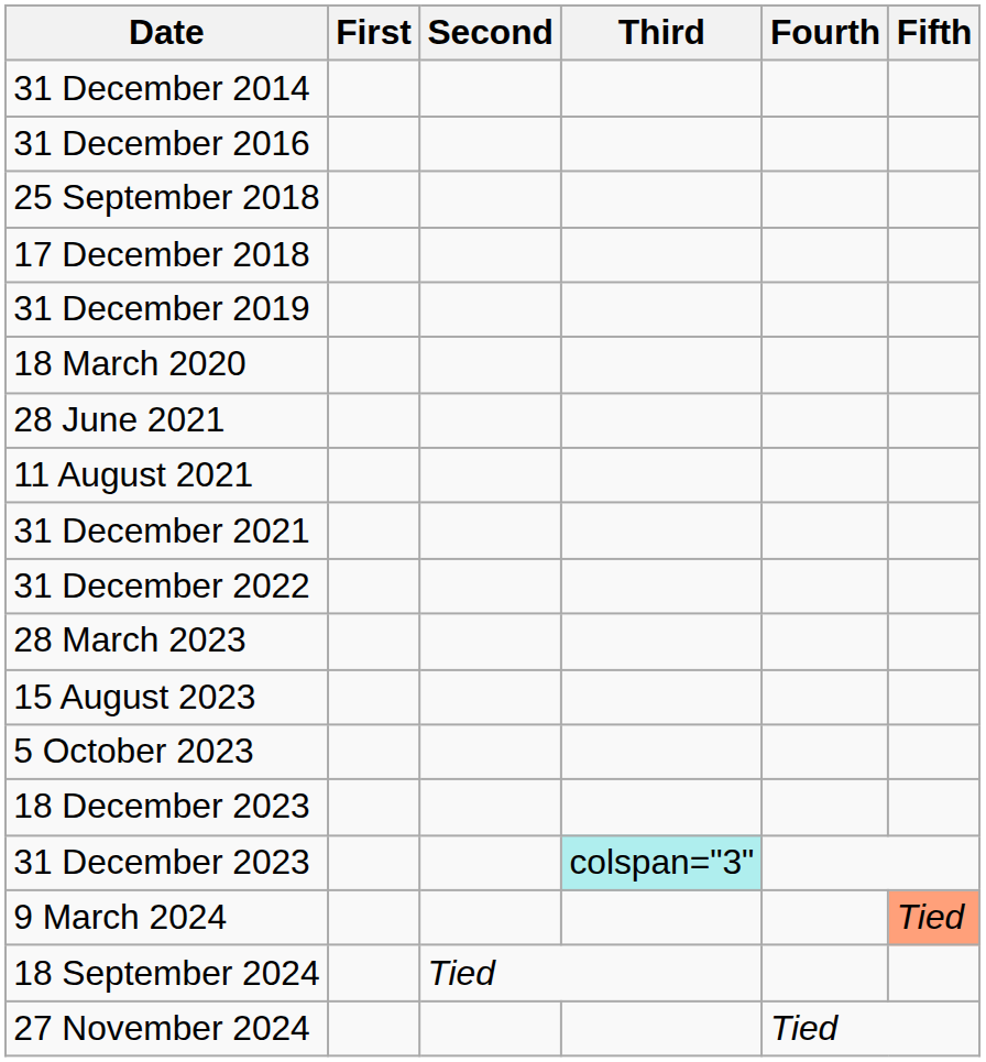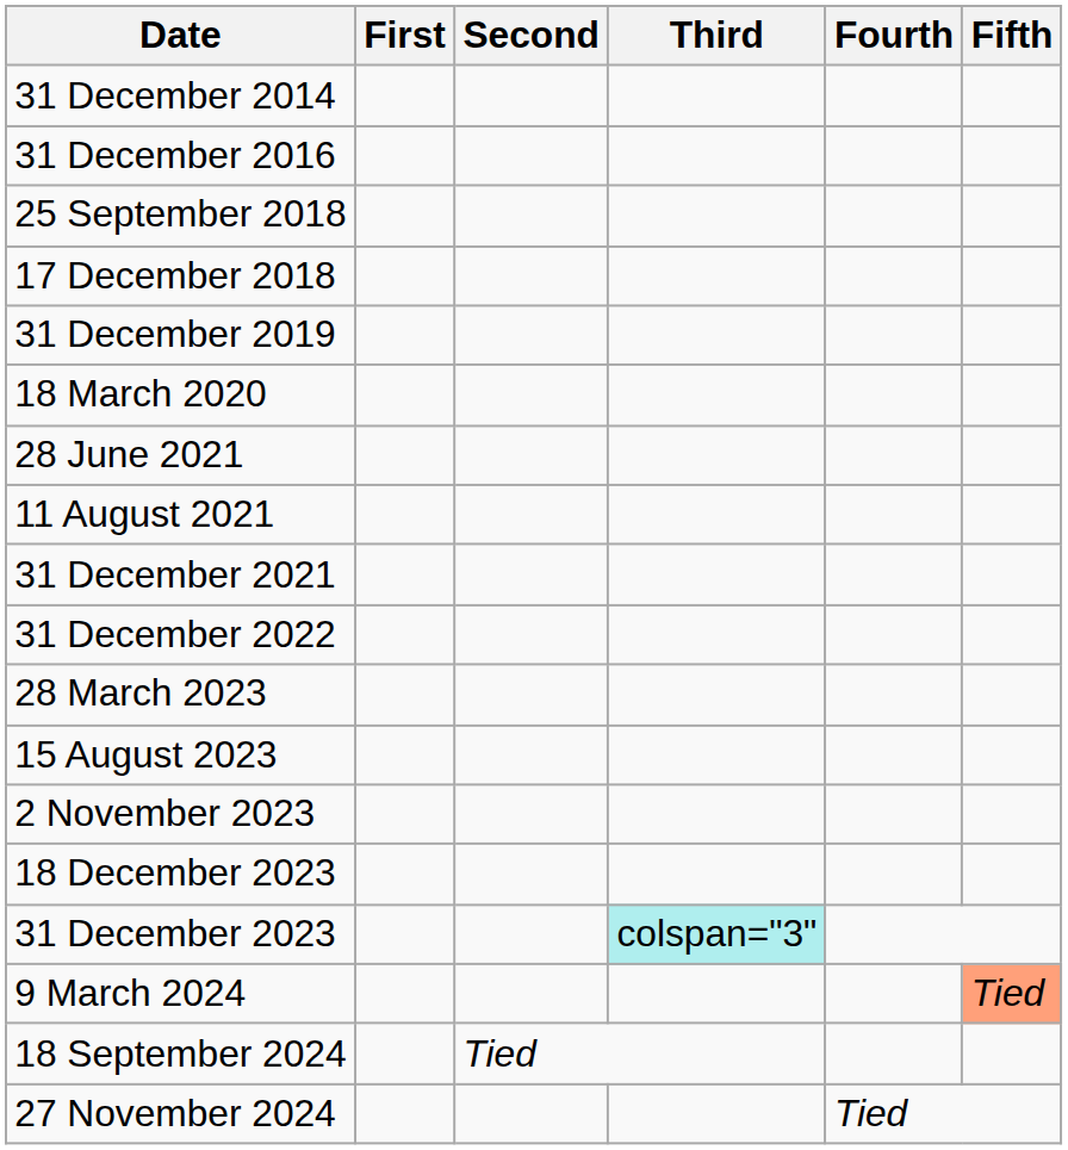 <table class="wikitable">
 <tr>
 <th>Date</th>
 <th>First</th>
 <th>Second</th>
 <th>Third</th>
 <th>Fourth</th>
 <th>Fifth</th>
 </tr>
 <tr>
 <td>31 December 2014</td>
 <td></td>
 <td></td>
 <td></td>
 <td></td>
 <td></td>
 </tr>
 <tr>
 <td>31 December 2016</td>
 <td></td>
 <td></td>
 <td></td>
 <td></td>
 <td></td>
 </tr>
 <tr>
 <td>25 September 2018</td>
 <td></td>
 <td></td>
 <td></td>
 <td></td>
 <td></td>
 </tr>
 <tr>
 <td>17 December 2018</td>
 <td></td>
 <td></td>
 <td></td>
 <td></td>
 <td></td>
 </tr>
 <tr>
 <td>31 December 2019</td>
 <td></td>
 <td></td>
 <td></td>
 <td></td>
 <td></td>
 </tr>
 <tr>
 <td>18 March 2020</td>
 <td></td>
 <td></td>
 <td></td>
 <td></td>
 <td></td>
 </tr>
 <tr>
 <td>28 June 2021</td>
 <td></td>
 <td></td>
 <td></td>
 <td></td>
 <td></td>
 </tr>
 <tr>
 <td>11 August 2021</td>
 <td></td>
 <td></td>
 <td></td>
 <td></td>
 <td></td>
 </tr>
 <tr>
 <td>31 December 2021</td>
 <td></td>
 <td></td>
 <td></td>
 <td></td>
 <td></td>
 </tr>
 <tr>
 <td>31 December 2022</td>
 <td></td>
 <td></td>
 <td></td>
 <td></td>
 <td></td>
 </tr>
 <tr>
 <td>28 March 2023</td>
 <td></td>
 <td></td>
 <td></td>
 <td></td>
 <td></td>
 </tr>
 <tr>
 <td>15 August 2023</td>
 <td></td>
 <td></td>
 <td></td>
 <td></td>
 <td></td>
 </tr>
 <tr>
-<td>5 October 2023</td>
+<td>2 November 2023</td>
 <td></td>
 <td></td>
 <td></td>
 <td></td>
 <td></td>
 </tr>
 <tr>
 <td>18 December 2023</td>
 <td></td>
 <td></td>
 <td></td>
 <td></td>
 <td></td>
 </tr>
 <tr>
 <td>31 December 2023</td>
 <td></td>
 <td></td>
 <td style="background: paleturquoise;">colspan="3" </td>
 </tr>
 <tr>
 <td>9 March 2024</td>
 <td></td>
 <td></td>
 <td></td>
 <td></td>
 <td style="background: lightsalmon;"><em>Tied</em></td>
 </tr>
 <tr>
 <td>18 September 2024</td>
 <td></td>
 <td colspan="2"><em>Tied</em></td>
 <td></td>
 <td></td>
 </tr>
 <tr>
 <td>27 November 2024</td>
 <td></td>
 <td></td>
 <td></td>
 <td colspan="2"><em>Tied</em></td>
 </tr>
 </table>
